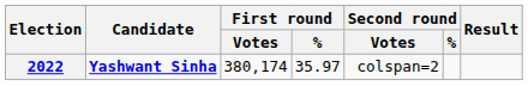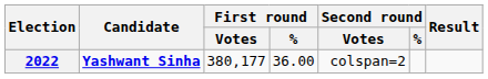 <table class=wikitable style=text-align:right>
 <tr>
 <th rowspan="2">Election</th>
 <th rowspan="2">Candidate</th>
 <th colspan="2" scope="col">First round</th>
 <th colspan="2">Second round</th>
 <th rowspan="2">Result</th>
 </tr>
 <tr>
 <th>Votes</th>
 <th>%</th>
 <th>Votes</th>
 <th>%</th>
 </tr>
 <tr>
 <th><a href='#'>2022</a></th>
 <td align=left><strong><a href='#'>Yashwant Sinha</a></strong></td>
-<td>380,174</td>
-<td>35.97</td>
+<td>380,177</td>
+<td>36.00</td>
 <td>colspan=2 </td>
 <td> </td>
 </tr>
 </table>
